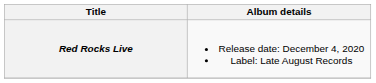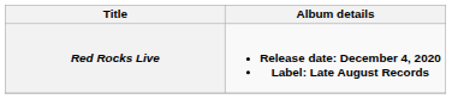 <table class="wikitable plainrowheaders" style="text-align:center;">
 <tr>
 <th style="width:18em;">Title</th>
 <th style="width:18em;">Album details</th>
 </tr>
 <tr>
 <th scope="row"><em>Red Rocks Live</em></th>
-<td><br><ul><li>Release date:  December 4, 2020</li><li>Label: Late August Records</li></ul></td>
+<td><strong><br><ul><li>Release date:  December 4, 2020</li><li>Label: Late August Records</li></ul></strong></td>
 </tr>
 <tr>
 </tr>
 </table>
